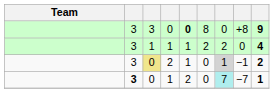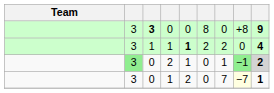 <table class="wikitable" style="text-align: center;">
 <tr>
 <th width="175">Team</th>
 <th width="20"></th>
 <th width="20"></th>
 <th width="20"></th>
 <th width="20"></th>
 <th width="20"></th>
 <th width="20"></th>
 <th width="20"></th>
 <th width="20"></th>
 </tr>
 <tr bgcolor="#ccffcc">
 <td align=left></td>
 <td>3</td>
-<td>3</td>
+<td><strong>3</strong></td>
 <td>0</td>
-<td><strong>0</strong></td>
+<td>0</td>
 <td>8</td>
 <td>0</td>
 <td>+8</td>
 <td><strong>9</strong></td>
 </tr>
 <tr bgcolor="#ccffcc">
 <td align=left></td>
 <td>3</td>
 <td>1</td>
 <td>1</td>
-<td>1</td>
+<td><strong>1</strong></td>
 <td>2</td>
 <td>2</td>
 <td>0</td>
 <td><strong>4</strong></td>
 </tr>
 <tr>
 <td align=left></td>
-<td>3</td>
-<td style="background: khaki;">0</td>
+<td style="background: lightgreen;">3</td>
+<td>0</td>
 <td>2</td>
 <td>1</td>
 <td>0</td>
-<td style="background: lightgrey;">1</td>
-<td>−1</td>
-<td><strong>2</strong></td>
+<td>1</td>
+<td style="background: lightgreen;">−1</td>
+<td style="background: lightgrey;"><strong>2</strong></td>
 </tr>
 <tr>
 <td align=left></td>
-<td><strong>3</strong></td>
+<td>3</td>
 <td>0</td>
 <td>1</td>
 <td>2</td>
 <td>0</td>
-<td style="background: paleturquoise;">7</td>
-<td>−7</td>
+<td>7</td>
+<td style="background: lightyellow;">−7</td>
 <td><strong>1</strong></td>
 </tr>
 <tr>
 </tr>
 </table>
